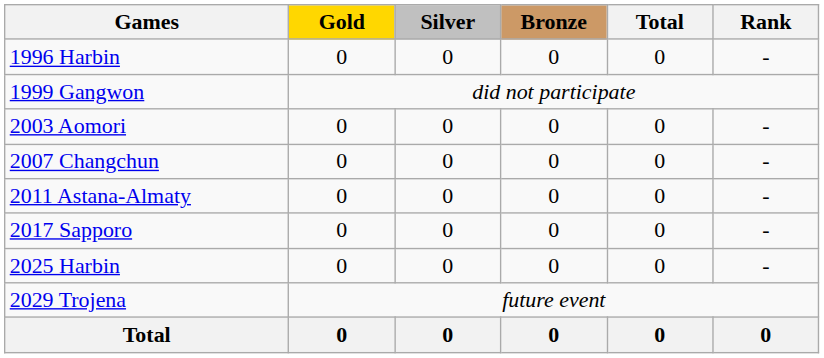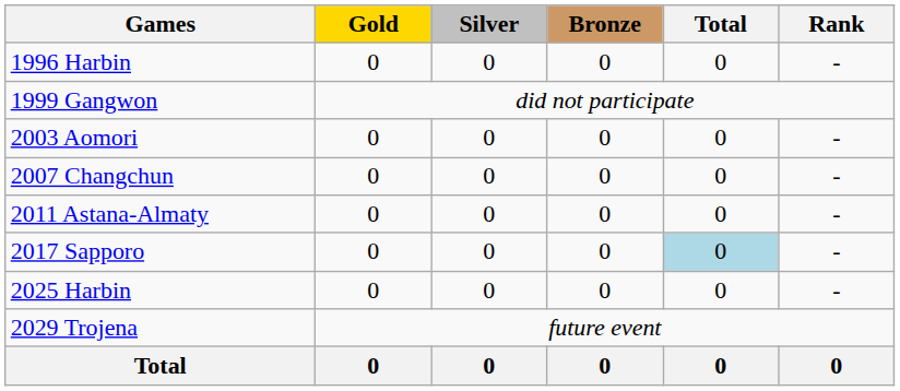 <table class="wikitable sortable" style="text-align:center;">
 <tr>
 <th width=200>Games</th>
 <td bgcolor=gold width=70><strong>Gold</strong></td>
 <td bgcolor=silver width=70><strong>Silver</strong></td>
 <td bgcolor=#cc9966 width=70><strong>Bronze</strong></td>
 <th width=70>Total</th>
 <th width=70>Rank</th>
 </tr>
 <tr>
 <td align=left> <a href='#'>1996 Harbin</a></td>
 <td>0</td>
 <td>0</td>
 <td>0</td>
 <td>0</td>
 <td>-</td>
 </tr>
 <tr>
 <td align=left> <a href='#'>1999 Gangwon</a></td>
 <td colspan=5><em>did not participate</em></td>
 </tr>
 <tr>
 <td align=left> <a href='#'>2003 Aomori</a></td>
 <td>0</td>
 <td>0</td>
 <td>0</td>
 <td>0</td>
 <td>-</td>
 </tr>
 <tr>
 <td align=left> <a href='#'>2007 Changchun</a></td>
 <td>0</td>
 <td>0</td>
 <td>0</td>
 <td>0</td>
 <td>-</td>
 </tr>
 <tr>
 <td align=left> <a href='#'>2011 Astana-Almaty</a></td>
 <td>0</td>
 <td>0</td>
 <td>0</td>
 <td>0</td>
 <td>-</td>
 </tr>
 <tr>
 <td align=left> <a href='#'>2017 Sapporo</a></td>
 <td>0</td>
 <td>0</td>
 <td>0</td>
-<td>0</td>
+<td style="background: lightblue;">0</td>
 <td>-</td>
 </tr>
 <tr>
 <td align=left> <a href='#'>2025 Harbin</a></td>
 <td>0</td>
 <td>0</td>
 <td>0</td>
 <td>0</td>
 <td>-</td>
 </tr>
 <tr>
 <td align=left> <a href='#'>2029 Trojena</a></td>
 <td colspan=5><em>future event</em></td>
 </tr>
 <tr class="sortbottom">
 <th>Total</th>
 <th>0</th>
 <th>0</th>
 <th>0</th>
 <th>0</th>
 <th>0</th>
 </tr>
 </table>
